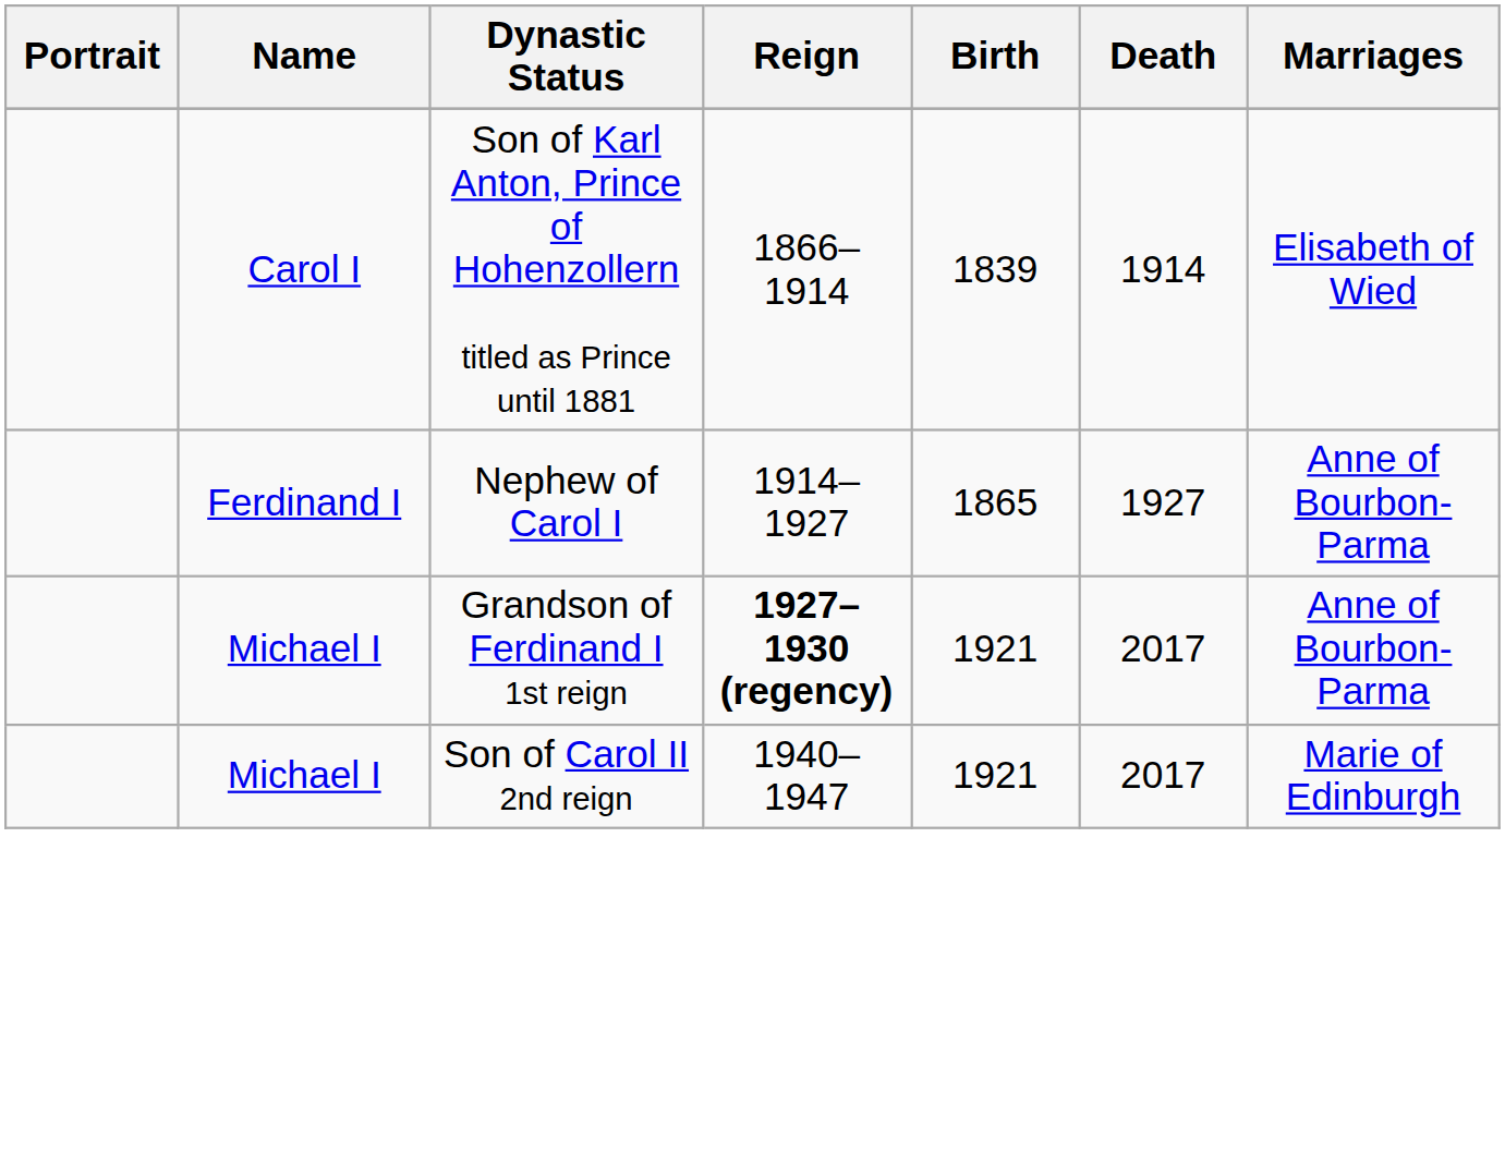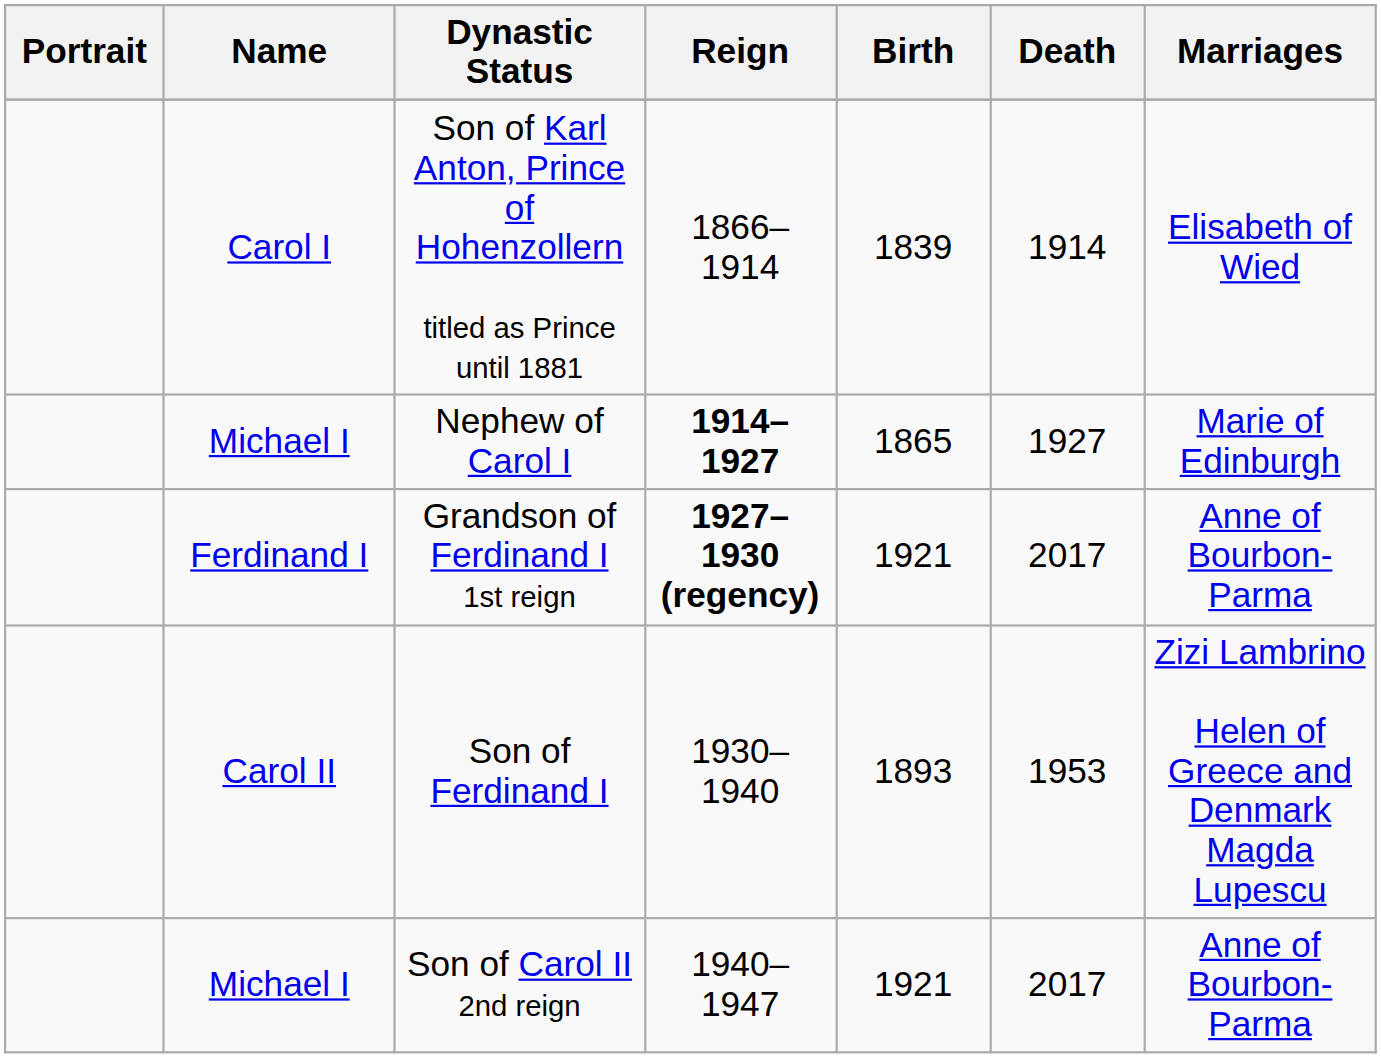 <table width=100% class="wikitable">
 <tr>
 <th width=10%>Portrait</th>
 <th width=15%>Name<br></th>
 <th width=15%>Dynastic Status</th>
 <th width=10%>Reign</th>
 <th width=10%>Birth</th>
 <th width=10%>Death</th>
 <th width=15%>Marriages</th>
 </tr>
 <tr>
 </tr>
 <tr>
 <td align="center"></td>
 <td align="center"><a href='#'>Carol I</a></td>
 <td align="center">Son of <a href='#'>Karl Anton, Prince of Hohenzollern</a><br><br><small>titled as Prince until 1881</small></td>
 <td align="center">1866–1914</td>
 <td align="center">1839</td>
 <td align="center">1914</td>
 <td align="center"><a href='#'>Elisabeth of Wied</a></td>
 </tr>
 <tr>
 <td align="center"></td>
-<td align="center"><a href='#'>Ferdinand I</a></td>
+<td align="center"><a href='#'>Michael I</a></td>
 <td align="center">Nephew of <a href='#'>Carol I</a></td>
-<td align="center">1914–1927</td>
+<td align="center"><strong>1914–1927</strong></td>
 <td align="center">1865</td>
 <td align="center">1927</td>
-<td align="center"><a href='#'>Anne of Bourbon-Parma</a></td>
+<td align="center"><a href='#'>Marie of Edinburgh</a></td>
 </tr>
 <tr>
 <td align="center"></td>
-<td align="center"><a href='#'>Michael I</a></td>
+<td align="center"><a href='#'>Ferdinand I</a></td>
 <td align="center">Grandson of <a href='#'>Ferdinand I</a><br><small>1st reign</small></td>
 <td align="center"><strong>1927–1930 (regency)</strong></td>
 <td align="center">1921</td>
 <td align="center">2017</td>
 <td align="center"><a href='#'>Anne of Bourbon-Parma</a></td>
 </tr>
 <tr>
 <td align="center"></td>
+<td align="center"><a href='#'>Carol II</a></td>
+<td align="center">Son of <a href='#'>Ferdinand I</a></td>
+<td align="center">1930–1940</td>
+<td align="center">1893</td>
+<td align="center">1953</td>
+<td align="center"><a href='#'>Zizi Lambrino</a><br><br><a href='#'>Helen of Greece and Denmark</a><br> <a href='#'>Magda Lupescu</a></td>
+</tr>
+<tr>
+<td align="center"></td>
 <td align="center"><a href='#'>Michael I</a></td>
 <td align="center">Son of <a href='#'>Carol II</a><br><small>2nd reign</small></td>
 <td align="center">1940–1947</td>
 <td align="center">1921</td>
 <td align="center">2017</td>
-<td align="center"><a href='#'>Marie of Edinburgh</a></td>
+<td align="center"><a href='#'>Anne of Bourbon-Parma</a></td>
 </tr>
 </table>
